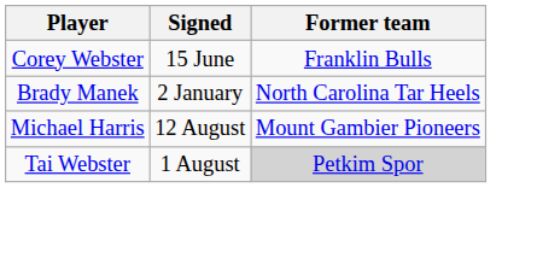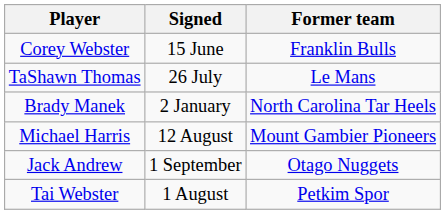 <table class="wikitable sortable sortable" style="text-align: center">
 <tr>
 <th>Player</th>
 <th>Signed</th>
 <th>Former team</th>
 </tr>
 <tr>
 <td><a href='#'>Corey Webster</a></td>
 <td>15 June</td>
 <td><a href='#'>Franklin Bulls</a></td>
 </tr>
 <tr>
+<td><a href='#'>TaShawn Thomas</a></td>
+<td>26 July</td>
+<td><a href='#'>Le Mans</a></td>
+</tr>
+<tr>
 <td><a href='#'>Brady Manek</a></td>
 <td>2 January</td>
 <td><a href='#'>North Carolina Tar Heels</a></td>
 </tr>
 <tr>
 <td><a href='#'>Michael Harris</a></td>
 <td>12 August</td>
 <td><a href='#'>Mount Gambier Pioneers</a></td>
 </tr>
 <tr>
+<td><a href='#'>Jack Andrew</a></td>
+<td>1 September</td>
+<td><a href='#'>Otago Nuggets</a></td>
+</tr>
+<tr>
 <td><a href='#'>Tai Webster</a></td>
 <td>1 August</td>
-<td style="background: lightgrey;"><a href='#'>Petkim Spor</a></td>
+<td><a href='#'>Petkim Spor</a></td>
 </tr>
 </table>
